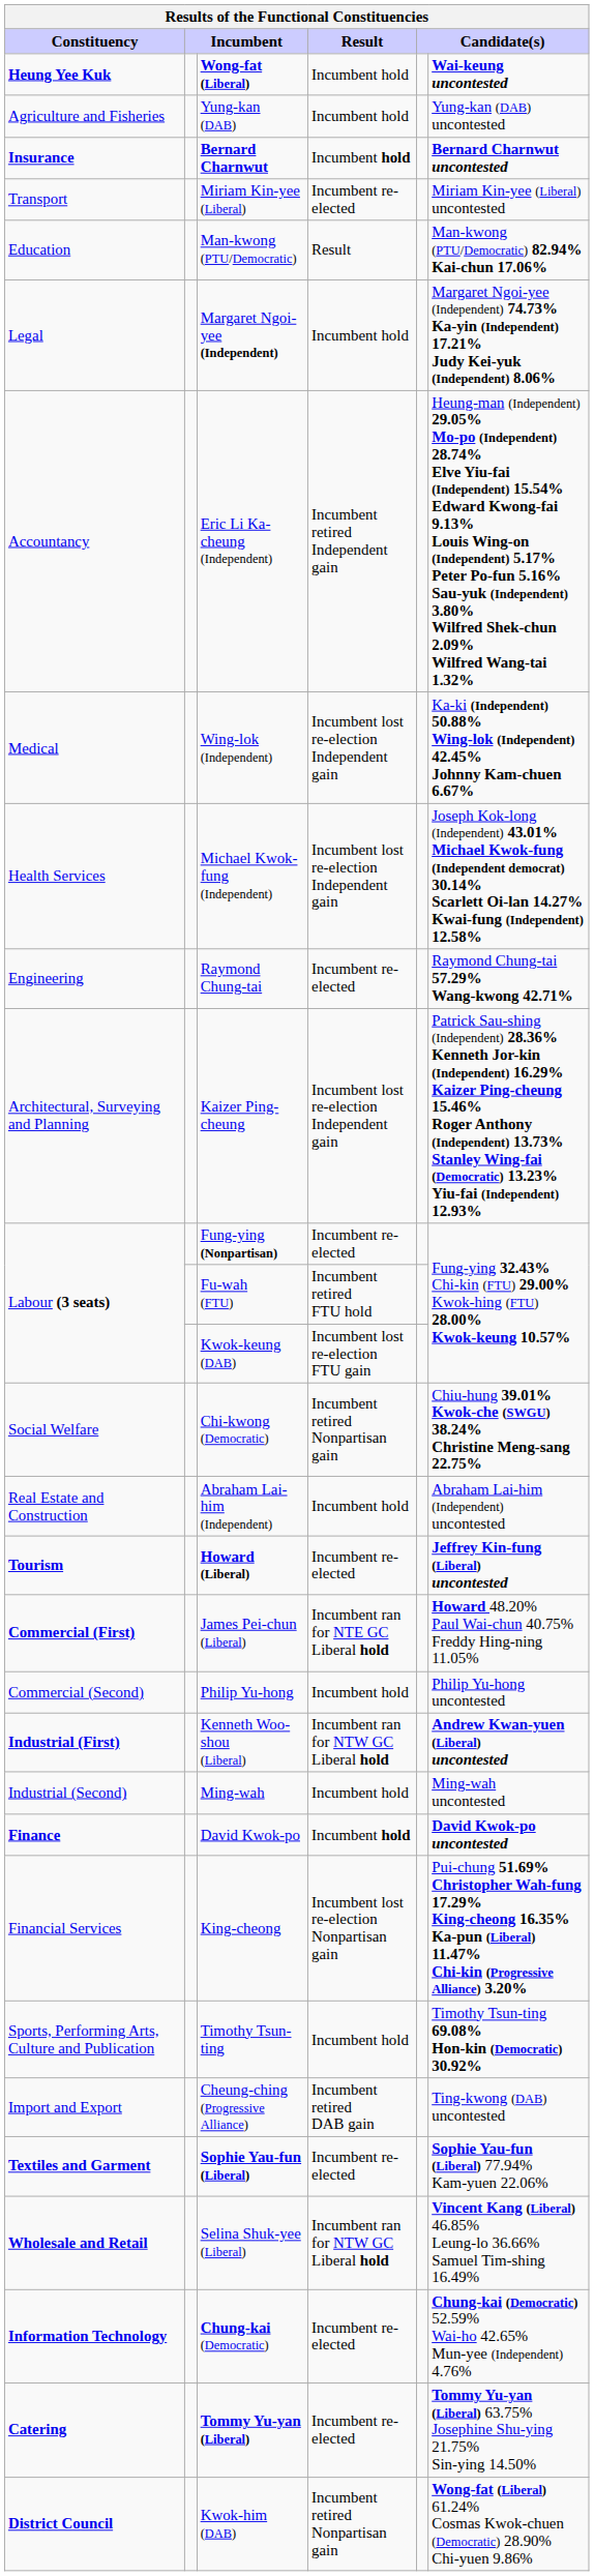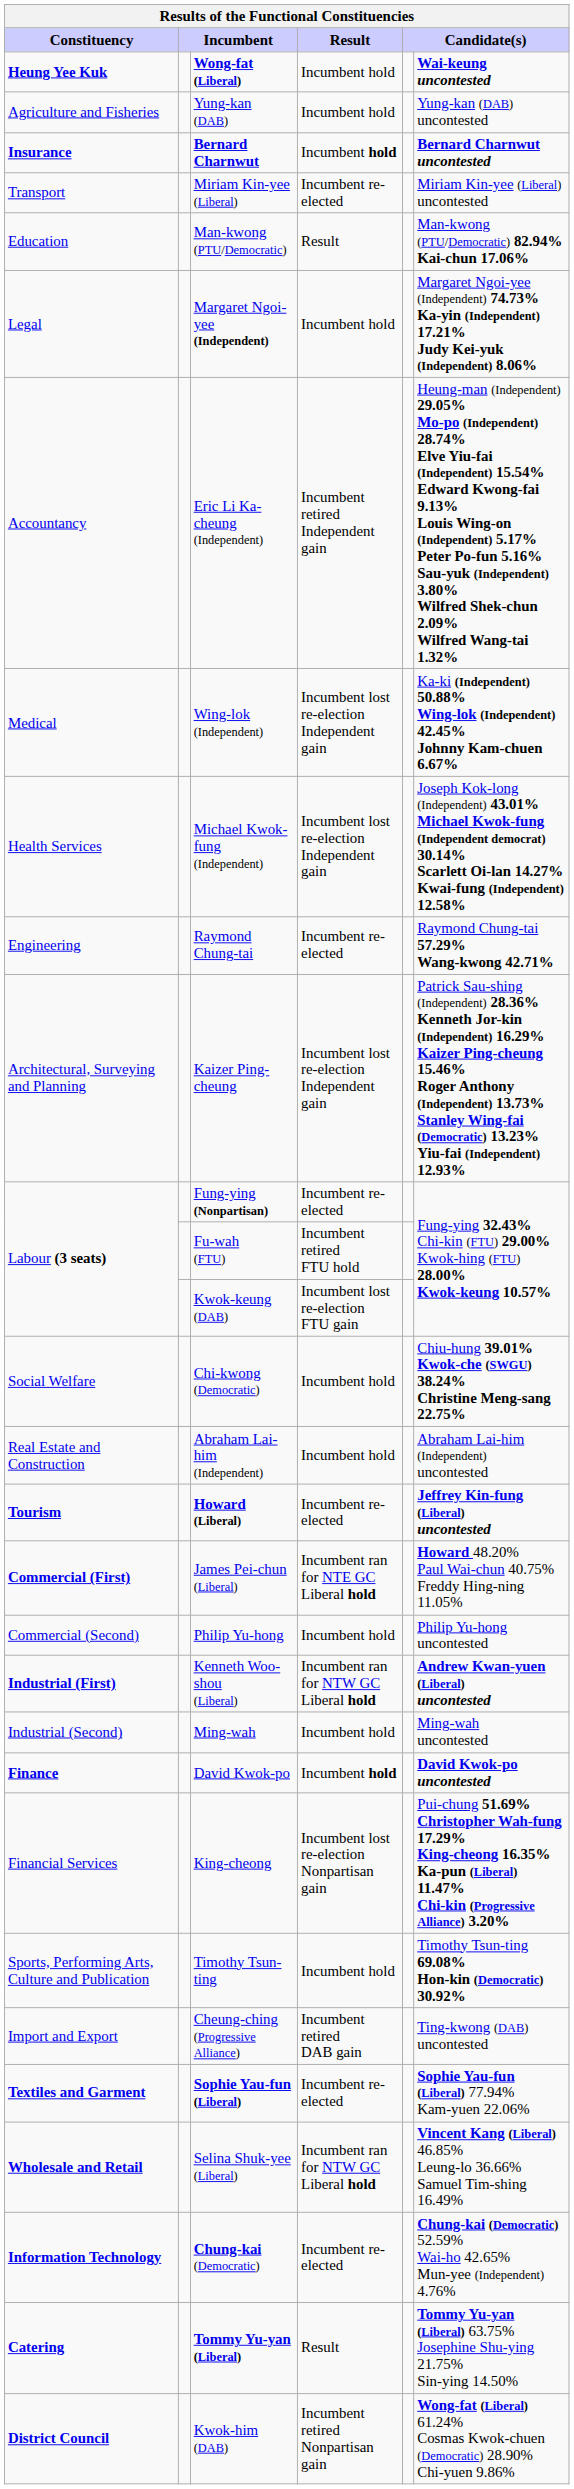 <table class="wikitable mw-collapsible">
 <tr>
 <th colspan=6>Results of the Functional Constituencies</th>
 </tr>
 <tr style="text-align:center; background:#ccf; font-weight:bold; vertical-align:bottom;">
 <td width=180px>Constituency</td>
 <td colspan=2>Incumbent</td>
 <td>Result</td>
 <td colspan=2>Candidate(s)</td>
 </tr>
 <tr>
 <td><strong><a href='#'>Heung Yee Kuk</a></strong></td>
 <td width=5px style="background-color: "></td>
 <td><strong><a href='#'> Wong-fat</a><br><small>(<a href='#'>Liberal</a>)</small></strong></td>
 <td>Incumbent </strong>hold<strong></td>
 <td width=5px style="background-color: "></td>
 <td><strong><a href='#'> Wai-keung</a> <br><em>uncontested<strong><em></td>
 </tr>
 <tr>
 <td></strong><a href='#'>Agriculture and Fisheries</a><strong></td>
 <td style="background-color:"></td>
 <td></strong><a href='#'> Yung-kan</a><br><small>(<a href='#'>DAB</a>)</small><strong></td>
 <td>Incumbent </strong>hold<strong></td>
 <td style="background-color:"></td>
 <td></strong><a href='#'> Yung-kan</a> <small>(<a href='#'>DAB</a>)</small><br></em>uncontested</em></strong></td>
 </tr>
 <tr>
 <td><strong><a href='#'>Insurance</a></strong></td>
 <td style="background-color:"></td>
 <td><strong><a href='#'>Bernard Charnwut </a></strong></td>
 <td>Incumbent <strong>hold</strong></td>
 <td style="background-color:"></td>
 <td><strong><a href='#'>Bernard Charnwut </a><br><em>uncontested<strong><em></td>
 </tr>
 <tr>
 <td></strong><a href='#'>Transport</a><strong></td>
 <td style="background-color:"></td>
 <td></strong><a href='#'>Miriam  Kin-yee</a><br><small>(<a href='#'>Liberal</a>)</small><strong></td>
 <td>Incumbent re-elected</td>
 <td style="background-color:"></td>
 <td></strong><a href='#'>Miriam  Kin-yee</a> <small>(<a href='#'>Liberal</a>)</small><strong><br></em></strong>uncontested<strong><em></td>
 </tr>
 <tr>
 <td></strong><a href='#'>Education</a><strong></td>
 <td style="background-color:"></td>
 <td></strong><a href='#'> Man-kwong</a><br><small>(<a href='#'>PTU</a>/<a href='#'>Democratic</a>)</small><strong></td>
 <td>Result</td>
 <td style="background-color:"></td>
 <td></strong><a href='#'> Man-kwong</a> <small>(<a href='#'>PTU</a>/<a href='#'>Democratic</a>)</small><strong> 82.94%<br> Kai-chun 17.06%</td>
 </tr>
 <tr>
 <td></strong><a href='#'>Legal</a><strong></td>
 <td style="background-color:"></td>
 <td></strong><a href='#'>Margaret  Ngoi-yee</a><strong><br><small>(Independent)</small></td>
 <td>Incumbent </strong>hold<strong></td>
 <td style="background-color:"></td>
 <td></strong><a href='#'>Margaret  Ngoi-yee</a> <small>(Independent)</small><strong> 74.73%<br> Ka-yin <small>(Independent)</small> 17.21%<br>Judy  Kei-yuk<small> (Independent)</small> 8.06%</td>
 </tr>
 <tr>
 <td></strong><a href='#'>Accountancy</a><strong></td>
 <td style="background-color:"></td>
 <td><a href='#'>Eric Li Ka-cheung</a><br><small>(Independent)</small></td>
 <td>Incumbent retired<br></strong>Independent gain<strong></td>
 <td style="background-color:"></td>
 <td></strong><a href='#'> Heung-man</a> <small>(Independent)</small><strong> 29.05%<br><a href='#'> Mo-po</a> <small>(Independent)</small> 28.74%<br>Elve  Yiu-fai <small>(Independent)</small> 15.54%<br>Edward  Kwong-fai 9.13%<br>Louis  Wing-on <small>(Independent)</small> 5.17%<br>Peter  Po-fun 5.16%<br> Sau-yuk <small>(Independent)</small> 3.80%<br>Wilfred  Shek-chun 2.09%<br>Wilfred  Wang-tai 1.32%</td>
 </tr>
 <tr>
 <td></strong><a href='#'>Medical</a><strong></td>
 <td style="background-color:"></td>
 <td><a href='#'> Wing-lok</a><br><small>(Independent)</small></td>
 <td>Incumbent lost re-election<br></strong>Independent gain<strong></td>
 <td style="background-color:"></td>
 <td></strong><a href='#'> Ka-ki</a><strong> <small>(Independent)</small> 50.88%<br><a href='#'> Wing-lok</a> <small>(Independent)</small> 42.45%<br>Johnny  Kam-chuen 6.67%</td>
 </tr>
 <tr>
 <td></strong><a href='#'>Health Services</a><strong></td>
 <td style="background-color:"></td>
 <td><a href='#'>Michael  Kwok-fung</a><br><small>(Independent)</small></td>
 <td>Incumbent lost re-election<br></strong>Independent gain<strong></td>
 <td style="background-color:"></td>
 <td></strong><a href='#'>Joseph  Kok-long</a> <small>(Independent)</small><strong> 43.01%<br><a href='#'>Michael  Kwok-fung</a> <small>(Independent democrat)</small> 30.14%<br>Scarlett  Oi-lan 14.27%<br> Kwai-fung <small>(Independent)</small> 12.58%</td>
 </tr>
 <tr>
 <td></strong><a href='#'>Engineering</a><strong></td>
 <td style="background-color:"></td>
 <td></strong><a href='#'>Raymond  Chung-tai</a><strong><br><small></small></td>
 <td>Incumbent re-elected</td>
 <td style="background-color:"></td>
 <td></strong><a href='#'>Raymond  Chung-tai</a><strong> 57.29%<br> Wang-kwong 42.71%</td>
 </tr>
 <tr>
 <td></strong><a href='#'>Architectural, Surveying and Planning</a><strong></td>
 <td style="background-color:"></td>
 <td><a href='#'>Kaizer  Ping-cheung</a></td>
 <td>Incumbent lost re-election<br></strong>Independent gain<strong></td>
 <td style="background-color:"></td>
 <td></strong><a href='#'>Patrick  Sau-shing</a> <small>(Independent)</small><strong> 28.36%<br>Kenneth  Jor-kin <small>(Independent)</small> 16.29%<br><a href='#'>Kaizer  Ping-cheung</a> 15.46%<br>Roger Anthony  <small>(Independent)</small> 13.73%<br><a href='#'>Stanley  Wing-fai</a> <small>(<a href='#'>Democratic</a>)</small> 13.23%<br> Yiu-fai <small>(Independent)</small> 12.93%</td>
 </tr>
 <tr>
 <td rowspan=3></strong><a href='#'>Labour</a><strong> (3 seats)</td>
 <td style="background-color:"></td>
 <td></strong><a href='#'> Fung-ying</a><strong> <br><small>(Nonpartisan)</small></td>
 <td>Incumbent re-elected</td>
 <td style="background-color:"></td>
 <td rowspan=3></strong><a href='#'> Fung-ying</a><strong> 32.43%<br></strong><a href='#'> Chi-kin</a> <small>(<a href='#'>FTU</a>)</small><strong> 29.00%<br></strong><a href='#'> Kwok-hing</a> <small>(<a href='#'>FTU</a>)</small><strong> 28.00%<br><a href='#'> Kwok-keung</a>  10.57%</td>
 </tr>
 <tr>
 <td style="background-color:"></td>
 <td><a href='#'> Fu-wah</a> <br><small>(<a href='#'>FTU</a>)</small></td>
 <td>Incumbent retired<br>FTU </strong>hold<strong></td>
 <td style="background-color:"></td>
 </tr>
 <tr>
 <td style="background-color:"></td>
 <td><a href='#'> Kwok-keung</a> <br><small>(<a href='#'>DAB</a>)</small></td>
 <td>Incumbent lost re-election<br></strong>FTU gain<strong></td>
 <td style="background-color:"></td>
 </tr>
 <tr>
 <td></strong><a href='#'>Social Welfare</a><strong></td>
 <td style="background-color:"></td>
 <td><a href='#'> Chi-kwong</a><br><small>(<a href='#'>Democratic</a>)</small></td>
-<td>Incumbent retired<br></strong>Nonpartisan gain<strong></td>
+<td>Incumbent </strong>hold<strong></td>
 <td style="background-color:"></td>
 <td></strong><a href='#'> Chiu-hung</a><strong> 39.01%<br> <a href='#'> Kwok-che</a> <small>(<a href='#'>SWGU</a>)</small> 38.24%<br>Christine  Meng-sang 22.75%</td>
 </tr>
 <tr>
 <td></strong><a href='#'>Real Estate and Construction</a><strong></td>
 <td style="background-color:"></td>
 <td></strong><a href='#'>Abraham  Lai-him</a><br><small>(Independent)</small><strong></td>
 <td>Incumbent </strong>hold<strong></td>
 <td style="background-color:"></td>
 <td></strong><a href='#'>Abraham  Lai-him</a> <small>(Independent)</small><br></em>uncontested</em></strong></td>
 </tr>
 <tr>
 <td><strong><a href='#'>Tourism</a></strong></td>
 <td style="background-color:"></td>
 <td><strong><a href='#'>Howard </a><br><small>(Liberal)</small></strong></td>
 <td>Incumbent re-elected</td>
 <td style="background-color:"></td>
 <td><strong><a href='#'>Jeffrey  Kin-fung</a> <small>(<a href='#'>Liberal</a>)</small><br><em>uncontested<strong><em></td>
 </tr>
 <tr>
 <td><strong><a href='#'>Commercial (First)</a></strong></td>
 <td style="background-color:"></td>
 <td><a href='#'>James  Pei-chun</a><br><small>(<a href='#'>Liberal</a>)</small></td>
 <td>Incumbent ran for <a href='#'>NTE GC</a><br> Liberal <strong>hold</strong></td>
 <td style="background-color:"></td>
 <td><strong><a href='#'>Howard </a> </strong>48.20%<br><a href='#'>Paul  Wai-chun</a> 40.75%<br>Freddy  Hing-ning 11.05%</td>
 </tr>
 <tr>
 <td></strong><a href='#'>Commercial (Second)</a><strong></td>
 <td style="background-color:"></td>
 <td></strong><a href='#'>Philip  Yu-hong</a><strong></td>
 <td>Incumbent </strong>hold<strong></td>
 <td style="background-color:"></td>
 <td></strong> <a href='#'>Philip  Yu-hong</a> <br></em>uncontested</em></strong></td>
 </tr>
 <tr>
 <td><strong><a href='#'>Industrial (First)</a></strong></td>
 <td style="background-color:"></td>
 <td><a href='#'>Kenneth  Woo-shou</a><br><small>(<a href='#'>Liberal</a>)</small></td>
 <td>Incumbent ran for <a href='#'>NTW GC</a><br> Liberal <strong>hold</strong></td>
 <td style="background-color:"></td>
 <td><strong><a href='#'>Andrew  Kwan-yuen</a> <small>(<a href='#'>Liberal</a>)</small><br><em>uncontested<strong><em></td>
 </tr>
 <tr>
 <td></strong><a href='#'>Industrial (Second)</a><strong></td>
 <td style="background-color:"></td>
 <td></strong><a href='#'> Ming-wah</a><strong></td>
 <td>Incumbent </strong>hold<strong></td>
 <td style="background-color:"></td>
 <td></strong><a href='#'> Ming-wah</a><br></em>uncontested</em></strong></td>
 </tr>
 <tr>
 <td><strong><a href='#'>Finance</a></strong></td>
 <td style="background-color:"></td>
 <td><a href='#'>David  Kwok-po</a></td>
 <td>Incumbent <strong>hold</strong></td>
 <td style="background-color:"></td>
 <td><strong><a href='#'>David  Kwok-po</a> <br><em>uncontested<strong><em></td>
 </tr>
 <tr>
 <td></strong><a href='#'>Financial Services</a><strong></td>
 <td style="background-color:"></td>
 <td><a href='#'> King-cheong</a></td>
 <td>Incumbent lost re-election<br></strong>Nonpartisan gain<strong></td>
 <td style="background-color:"></td>
 <td></strong><a href='#'> Pui-chung</a><strong> 51.69%<br><a href='#'>Christopher  Wah-fung</a> 17.29%<br><a href='#'> King-cheong</a> 16.35%<br> Ka-pun <small>(<a href='#'>Liberal</a>)</small> 11.47%<br><a href='#'> Chi-kin</a> <small>(<a href='#'>Progressive Alliance</a>)</small>  3.20%</td>
 </tr>
 <tr>
 <td></strong><a href='#'>Sports, Performing Arts, Culture and Publication</a><strong></td>
 <td style="background-color:"></td>
 <td></strong><a href='#'>Timothy  Tsun-ting</a><strong></td>
 <td>Incumbent </strong>hold<strong></td>
 <td style="background-color:"></td>
 <td></strong><a href='#'>Timothy  Tsun-ting</a><strong> 69.08%<br> Hon-kin <small>(<a href='#'>Democratic</a>)</small> 30.92%</td>
 </tr>
 <tr>
 <td></strong><a href='#'>Import and Export</a><strong></td>
 <td style="background-color:"></td>
 <td><a href='#'> Cheung-ching</a><br><small>(<a href='#'>Progressive Alliance</a>)</small></td>
 <td>Incumbent retired<br></strong>DAB gain<strong></td>
 <td style="background-color:"></td>
 <td></strong><a href='#'> Ting-kwong</a> <small>(<a href='#'>DAB</a>)</small><br></em>uncontested</em></strong></td>
 </tr>
 <tr>
 <td><strong><a href='#'>Textiles and Garment</a></strong></td>
 <td style="background-color:"></td>
 <td><strong><a href='#'>Sophie  Yau-fun</a><br><small>(<a href='#'>Liberal</a>)</small></strong></td>
 <td>Incumbent re-elected</td>
 <td style="background-color:"></td>
 <td><strong><a href='#'>Sophie  Yau-fun</a> <small>(<a href='#'>Liberal</a>)</small></strong> 77.94%<br> Kam-yuen 22.06%</td>
 </tr>
 <tr>
 <td><strong><a href='#'>Wholesale and Retail</a></strong></td>
 <td style="background-color:"></td>
 <td><a href='#'>Selina  Shuk-yee</a><br><small>(<a href='#'>Liberal</a>)</small></td>
 <td>Incumbent ran for <a href='#'>NTW GC</a><br> Liberal <strong>hold</strong></td>
 <td style="background-color:"></td>
 <td><strong><a href='#'>Vincent  Kang</a> <small>(<a href='#'>Liberal</a>)</small></strong> 46.85%<br> Leung-lo 36.66%<br>Samuel  Tim-shing 16.49%</td>
 </tr>
 <tr>
 <td><strong><a href='#'>Information Technology</a></strong></td>
 <td style="background-color:"></td>
 <td><strong><a href='#'> Chung-kai</a></strong> <br><small>(<a href='#'>Democratic</a>)</small></td>
 <td>Incumbent re-elected</td>
 <td style="background-color:"></td>
 <td><strong><a href='#'> Chung-kai</a> <small>(<a href='#'>Democratic</a>)</small></strong> 52.59%<br><a href='#'> Wai-ho</a> 42.65%<br> Mun-yee <small>(Independent)</small> 4.76%</td>
 </tr>
 <tr>
 <td><strong><a href='#'>Catering</a></strong></td>
 <td style="background-color:"></td>
 <td><strong><a href='#'>Tommy  Yu-yan</a><br><small>(<a href='#'>Liberal</a>)</small></strong></td>
-<td>Incumbent re-elected</td>
+<td>Result</td>
 <td style="background-color:"></td>
 <td><strong><a href='#'>Tommy  Yu-yan</a> <small>(<a href='#'>Liberal</a>)</small></strong> 63.75%<br><a href='#'>Josephine  Shu-ying</a> 21.75%<br> Sin-ying 14.50%</td>
 </tr>
 <tr>
 <td><strong><a href='#'>District Council</a></strong></td>
 <td style="background-color:"></td>
 <td><a href='#'> Kwok-him</a><br><small>(<a href='#'>DAB</a>)</small></td>
 <td>Incumbent retired<br></strong>Nonpartisan gain<strong></td>
 <td style="background-color:"></td>
 <td><strong><a href='#'> Wong-fat</a> <small>(<a href='#'>Liberal</a>)</small></strong> 61.24%<br>Cosmas  Kwok-chuen <small>(<a href='#'>Democratic</a>)</small> 28.90%<br> Chi-yuen 9.86%</td>
 </tr>
 </table>
